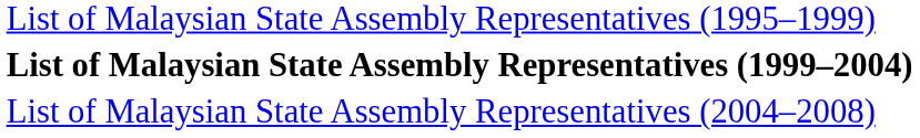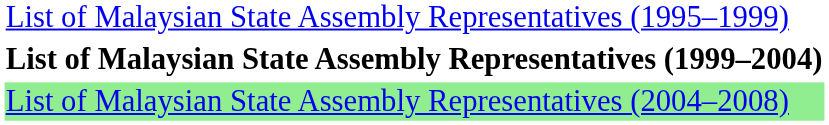 <table id=toc style="float:right">
 <tr>
 <td><a href='#'>List of Malaysian State Assembly Representatives (1995–1999)</a></td>
 </tr>
 <tr>
 <td><strong>List of Malaysian State Assembly Representatives (1999–2004)</strong></td>
 </tr>
 <tr>
-<td><a href='#'>List of Malaysian State Assembly Representatives (2004–2008)</a></td>
+<td style="background: lightgreen;"><a href='#'>List of Malaysian State Assembly Representatives (2004–2008)</a></td>
 </tr>
 </table>
